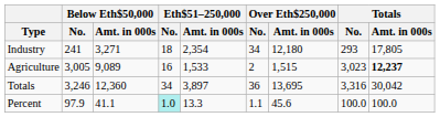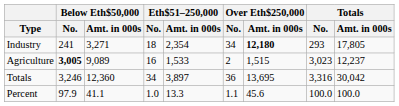 <table class="wikitable">
 <tr>
 <th></th>
 <th colspan="2">Below Eth$50,000</th>
 <th colspan="2">Eth$51–250,000</th>
 <th colspan="2">Over Eth$250,000</th>
 <th colspan="2">Totals</th>
 </tr>
 <tr>
 <th>Type</th>
 <th>No.</th>
 <th>Amt. in 000s</th>
 <th>No.</th>
 <th>Amt. in 000s</th>
 <th>No.</th>
 <th>Amt. in 000s</th>
 <th>No.</th>
 <th>Amt. in 000s</th>
 </tr>
 <tr>
 <td>Industry</td>
 <td>241</td>
 <td>3,271</td>
 <td>18</td>
 <td>2,354</td>
 <td>34</td>
-<td>12,180</td>
+<td><strong>12,180</strong></td>
 <td>293</td>
 <td>17,805</td>
 </tr>
 <tr>
 <td>Agriculture</td>
-<td>3,005</td>
+<td><strong>3,005</strong></td>
 <td>9,089</td>
 <td>16</td>
 <td>1,533</td>
 <td>2</td>
 <td>1,515</td>
 <td>3,023</td>
-<td><strong>12,237</strong></td>
+<td>12,237</td>
 </tr>
 <tr>
 <td>Totals</td>
 <td>3,246</td>
 <td>12,360</td>
 <td>34</td>
 <td>3,897</td>
 <td>36</td>
 <td>13,695</td>
 <td>3,316</td>
 <td>30,042</td>
 </tr>
 <tr>
 <td>Percent</td>
 <td>97.9</td>
 <td>41.1</td>
-<td style="background: paleturquoise;">1.0</td>
+<td>1.0</td>
 <td>13.3</td>
 <td>1.1</td>
 <td>45.6</td>
 <td>100.0</td>
 <td>100.0</td>
 </tr>
 </table>
